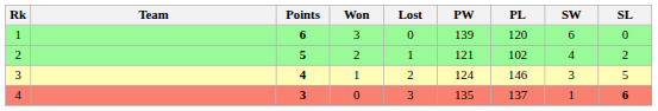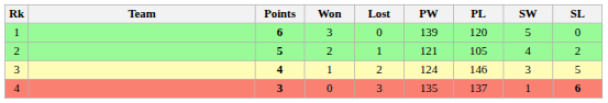 <table class=wikitable style=text-align:center>
 <tr>
 <th width=25>Rk</th>
 <th width=300>Team</th>
 <th width=60>Points</th>
 <th width=60>Won</th>
 <th width=60>Lost</th>
 <th width=60>PW</th>
 <th width=60>PL</th>
 <th width=60>SW</th>
 <th width=60>SL</th>
 </tr>
 <tr bgcolor="98fb98">
 <td>1</td>
 <td align=left></td>
 <td><strong>6</strong></td>
 <td>3</td>
 <td>0</td>
 <td>139</td>
 <td>120</td>
-<td>6</td>
+<td>5</td>
 <td>0</td>
 </tr>
 <tr bgcolor="98fb98">
 <td>2</td>
 <td align=left></td>
 <td><strong>5</strong></td>
 <td>2</td>
 <td>1</td>
 <td>121</td>
-<td>102</td>
+<td>105</td>
 <td>4</td>
 <td>2</td>
 </tr>
 <tr style="background: #fffcb7">
 <td>3</td>
 <td align=left></td>
 <td><strong>4</strong></td>
 <td>1</td>
 <td>2</td>
 <td>124</td>
 <td>146</td>
 <td>3</td>
 <td>5</td>
 </tr>
 <tr style="background: salmon">
 <td>4</td>
 <td align=left></td>
 <td><strong>3</strong></td>
 <td>0</td>
 <td>3</td>
 <td>135</td>
 <td>137</td>
 <td>1</td>
 <td><strong>6</strong></td>
 </tr>
 </table>
